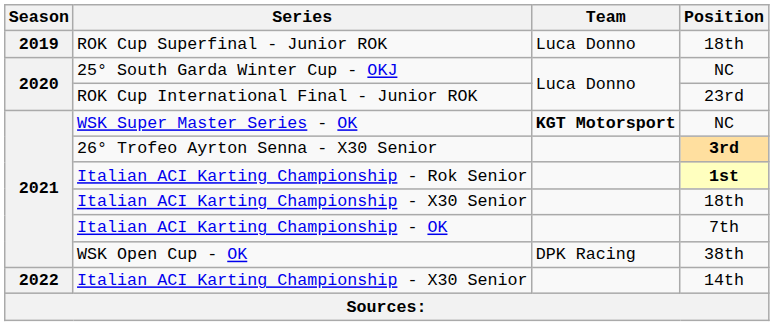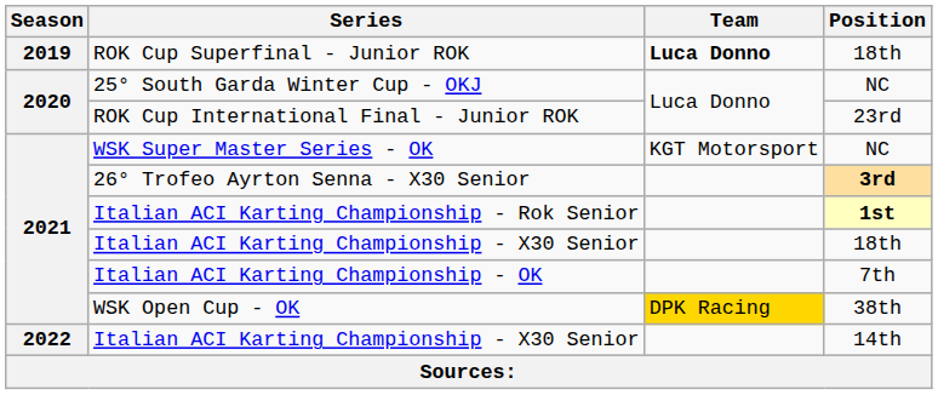 <table class="wikitable" style="font-size: 85%; text-align:center">
 <tr>
 <th>Season</th>
 <th>Series</th>
 <th>Team</th>
 <th>Position</th>
 </tr>
 <tr>
 <th>2019</th>
 <td align="left">ROK Cup Superfinal - Junior ROK</td>
-<td align="left">Luca Donno</td>
+<td align="left"><strong>Luca Donno</strong></td>
 <td style="background:#;">18th</td>
 </tr>
 <tr>
 <th rowspan="2">2020</th>
 <td align="left">25° South Garda Winter Cup - <a href='#'>OKJ</a></td>
 <td align="left" rowspan="2">Luca Donno</td>
 <td style="background:#;">NC</td>
 </tr>
 <tr>
 <td align="left">ROK Cup International Final - Junior ROK</td>
 <td style="background:#;">23rd</td>
 </tr>
 <tr>
 <th rowspan="6">2021</th>
 <td align="left"><a href='#'>WSK Super Master Series</a> - <a href='#'>OK</a></td>
-<td align="left"><strong>KGT Motorsport</strong></td>
+<td align="left">KGT Motorsport</td>
 <td style="background:#;">NC</td>
 </tr>
 <tr>
 <td align="left">26° Trofeo Ayrton Senna - X30 Senior</td>
 <td align="left"></td>
 <td style="background:#ffdf9f;"><strong>3rd</strong></td>
 </tr>
 <tr>
 <td align="left"><a href='#'>Italian ACI Karting Championship</a> - Rok Senior</td>
 <td align="left"></td>
 <td style="background:#FFFFBF;"><strong>1st</strong></td>
 </tr>
 <tr>
 <td align="left"><a href='#'>Italian ACI Karting Championship</a> - X30 Senior</td>
 <td align="left"></td>
 <td style="background:#;">18th</td>
 </tr>
 <tr>
 <td align="left"><a href='#'>Italian ACI Karting Championship</a> - <a href='#'>OK</a></td>
 <td align="left"></td>
 <td style="background:#;">7th</td>
 </tr>
 <tr>
 <td align="left">WSK Open Cup - <a href='#'>OK</a></td>
-<td align="left">DPK Racing</td>
+<td align="left" style="background: gold;">DPK Racing</td>
 <td style="background:#;">38th</td>
 </tr>
 <tr>
 <th>2022</th>
 <td align="left"><a href='#'>Italian ACI Karting Championship</a> - X30 Senior</td>
 <td align="left"></td>
 <td style="background:#;">14th</td>
 </tr>
 <tr>
 <th colspan="4">Sources:</th>
 </tr>
 </table>
